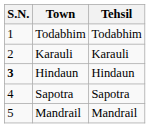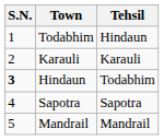 <table class="wikitable">
 <tr>
 <th>S.N.</th>
 <th>Town</th>
 <th>Tehsil</th>
 </tr>
 <tr>
 <td>1</td>
 <td>Todabhim</td>
-<td>Todabhim</td>
+<td>Hindaun</td>
 </tr>
 <tr>
 <td>2</td>
 <td>Karauli</td>
 <td>Karauli</td>
 </tr>
 <tr>
 <td><strong>3</strong></td>
 <td>Hindaun</td>
-<td>Hindaun</td>
+<td>Todabhim</td>
 </tr>
 <tr>
 <td>4</td>
 <td>Sapotra</td>
 <td>Sapotra</td>
 </tr>
 <tr>
 <td>5</td>
 <td>Mandrail</td>
 <td>Mandrail</td>
 </tr>
 </table>
